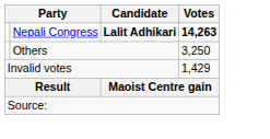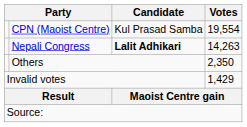 <table class="wikitable">
 <tr>
 <th colspan="2">Party</th>
 <th>Candidate</th>
 <th>Votes</th>
 </tr>
 <tr>
 <td style="background-color:"></td>
+<td><a href='#'>CPN (Maoist Centre)</a></td>
+<td>Kul Prasad Samba</td>
+<td>19,554</td>
+</tr>
+<tr>
+<td style="background-color:"></td>
 <td><a href='#'>Nepali Congress</a></td>
 <td><strong>Lalit Adhikari</strong></td>
-<td><strong>14,263</strong></td>
+<td>14,263</td>
 </tr>
 <tr>
 <td></td>
 <td colspan="2">Others</td>
-<td>3,250</td>
+<td>2,350</td>
 </tr>
 <tr>
 <td colspan="3">Invalid votes</td>
 <td>1,429</td>
 </tr>
 <tr>
 <th colspan="2">Result</th>
 <th colspan="2">Maoist Centre gain</th>
 </tr>
 <tr>
 <td colspan="4">Source: </td>
 </tr>
 </table>
